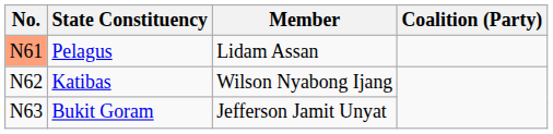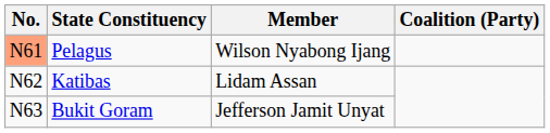 <table class="wikitable">
 <tr>
 <th>No.</th>
 <th>State Constituency</th>
 <th>Member</th>
 <th>Coalition (Party)</th>
 </tr>
 <tr>
 <td style="background: lightsalmon;">N61</td>
 <td><a href='#'>Pelagus</a></td>
-<td>Lidam Assan</td>
+<td>Wilson Nyabong Ijang</td>
 <td></td>
 </tr>
 <tr>
 <td>N62</td>
 <td><a href='#'>Katibas</a></td>
-<td>Wilson Nyabong Ijang</td>
+<td>Lidam Assan</td>
 <td rowspan="2"></td>
 </tr>
 <tr>
 <td>N63</td>
 <td><a href='#'>Bukit Goram</a></td>
 <td>Jefferson Jamit Unyat</td>
 </tr>
 </table>
